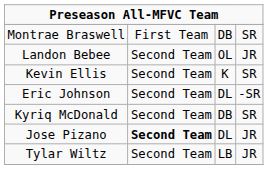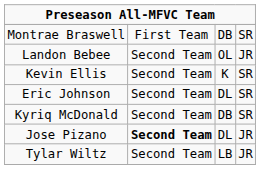 <table class="wikitable" style="display: inline-table;">
 <tr>
 <td align="center" Colspan="4"><strong>Preseason All-MFVC Team</strong></td>
 </tr>
 <tr align="center">
 </tr>
 <tr align="center">
 <td>Montrae Braswell</td>
 <td>First Team</td>
 <td>DB</td>
 <td>SR</td>
 </tr>
 <tr align="center">
 <td>Landon Bebee</td>
 <td>Second Team</td>
 <td>OL</td>
 <td>JR</td>
 </tr>
 <tr align="center">
 <td>Kevin Ellis</td>
 <td>Second Team</td>
 <td>K</td>
 <td>SR</td>
 </tr>
 <tr align="center">
 <td>Eric Johnson</td>
 <td>Second Team</td>
 <td>DL</td>
-<td>-SR</td>
+<td>SR</td>
 </tr>
 <tr align="center">
 <td>Kyriq McDonald</td>
 <td>Second Team</td>
 <td>DB</td>
 <td>SR</td>
 </tr>
 <tr align="center">
 <td>Jose Pizano</td>
 <td><strong>Second Team</strong></td>
 <td>DL</td>
 <td>JR</td>
 </tr>
 <tr align="center">
 <td>Tylar Wiltz</td>
 <td>Second Team</td>
 <td>LB</td>
 <td>JR</td>
 </tr>
 <tr align="center">
 </tr>
 </table>
